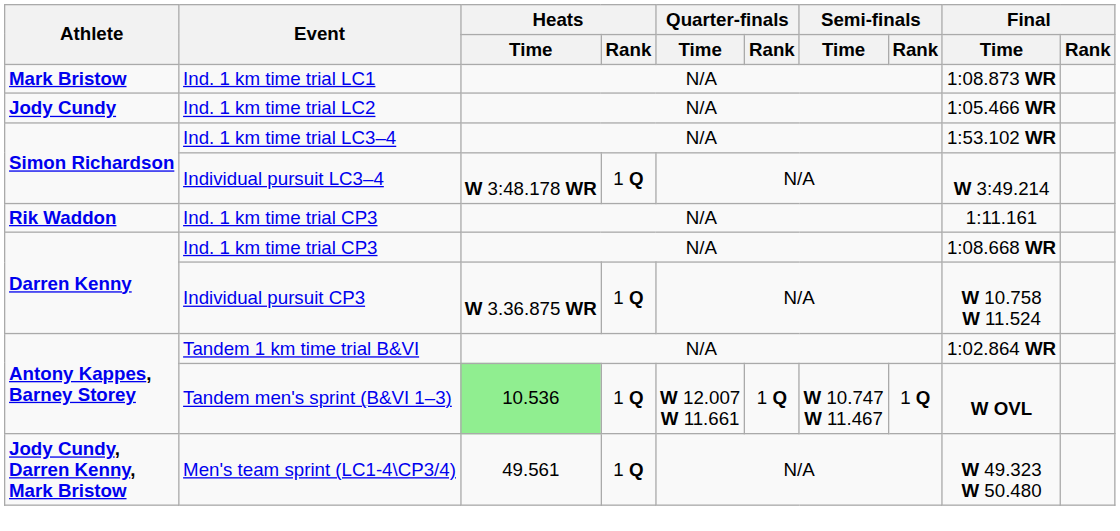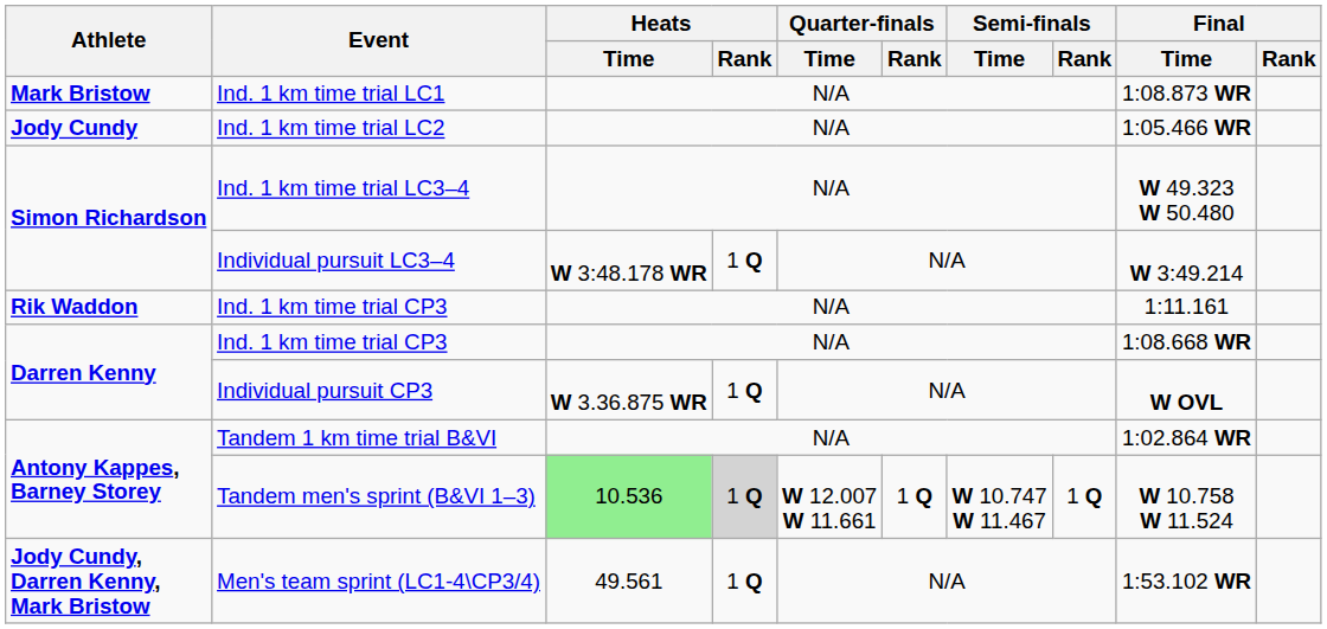 <table class=wikitable style="font-size:90%">
 <tr>
 <th rowspan="2">Athlete</th>
 <th rowspan="2">Event</th>
 <th colspan="2">Heats</th>
 <th colspan="2">Quarter-finals</th>
 <th colspan="2">Semi-finals</th>
 <th colspan="2">Final</th>
 </tr>
 <tr>
 <th>Time</th>
 <th>Rank</th>
 <th>Time</th>
 <th>Rank</th>
 <th>Time</th>
 <th>Rank</th>
 <th>Time</th>
 <th>Rank</th>
 </tr>
 <tr>
 <td><strong><a href='#'>Mark Bristow</a></strong></td>
 <td><a href='#'>Ind. 1 km time trial LC1</a></td>
 <td align="center" colspan="6">N/A</td>
 <td align="center">1:08.873 <strong>WR</strong></td>
 <td align="center"></td>
 </tr>
 <tr>
 <td><strong><a href='#'>Jody Cundy</a></strong></td>
 <td><a href='#'>Ind. 1 km time trial LC2</a></td>
 <td align="center" colspan="6">N/A</td>
 <td align="center">1:05.466 <strong>WR</strong></td>
 <td align="center"></td>
 </tr>
 <tr>
 <td rowspan="2"><strong><a href='#'>Simon Richardson</a></strong></td>
 <td><a href='#'>Ind. 1 km time trial LC3–4</a></td>
 <td align="center" colspan="6">N/A</td>
-<td align="center">1:53.102 <strong>WR</strong></td>
+<td align="center"><br> <strong>W</strong> 49.323<br> <strong>W</strong> 50.480</td>
 <td align="center"></td>
 </tr>
 <tr>
 <td><a href='#'>Individual pursuit LC3–4</a></td>
 <td align="center"><br> <strong>W</strong> 3:48.178 <strong>WR</strong></td>
 <td align="center">1 <strong>Q</strong></td>
 <td align="center" colspan="4">N/A</td>
 <td align="center"><br> <strong>W</strong> 3:49.214</td>
 <td align="center"></td>
 </tr>
 <tr>
 <td><strong><a href='#'>Rik Waddon</a></strong></td>
 <td><a href='#'>Ind. 1 km time trial CP3</a></td>
 <td align="center" colspan="6">N/A</td>
 <td align="center">1:11.161</td>
 <td align="center"></td>
 </tr>
 <tr>
 <td rowspan=2><strong><a href='#'>Darren Kenny</a></strong></td>
 <td><a href='#'>Ind. 1 km time trial CP3</a></td>
 <td align="center" colspan="6">N/A</td>
 <td align="center">1:08.668 <strong>WR</strong></td>
 <td align="center"></td>
 </tr>
 <tr>
 <td><a href='#'>Individual pursuit CP3</a></td>
 <td align="center"><br> <strong>W</strong> 3.36.875 <strong>WR</strong></td>
 <td align="center">1 <strong>Q</strong></td>
 <td align="center" colspan="4">N/A</td>
-<td align="center"><br> <strong>W</strong> 10.758<br> <strong>W</strong> 11.524</td>
+<td align="center"><br> <strong>W</strong> <strong>OVL</strong></td>
 <td align="center"></td>
 </tr>
 <tr>
 <td rowspan="2"><strong><a href='#'>Antony Kappes</a>,<br><a href='#'>Barney Storey</a></strong></td>
 <td><a href='#'>Tandem 1 km time trial B&VI</a></td>
 <td align="center" colspan="6">N/A</td>
 <td align="center">1:02.864 <strong>WR</strong></td>
 <td align="center"></td>
 </tr>
 <tr>
 <td><a href='#'>Tandem men's sprint (B&VI 1–3)</a></td>
 <td align="center" style="background: lightgreen;">10.536</td>
-<td align="center">1 <strong>Q</strong></td>
+<td align="center" style="background: lightgrey;">1 <strong>Q</strong></td>
 <td align="center"><br> <strong>W</strong> 12.007<br> <strong>W</strong> 11.661</td>
 <td align="center">1 <strong>Q</strong></td>
 <td align="center"><br> <strong>W</strong> 10.747<br> <strong>W</strong> 11.467</td>
 <td align="center">1 <strong>Q</strong></td>
-<td align="center"><br> <strong>W</strong> <strong>OVL</strong></td>
+<td align="center"><br> <strong>W</strong> 10.758<br> <strong>W</strong> 11.524</td>
 <td align="center"></td>
 </tr>
 <tr>
 <td><strong><a href='#'>Jody Cundy</a>,<br><a href='#'>Darren Kenny</a>,<br><a href='#'>Mark Bristow</a></strong></td>
 <td><a href='#'>Men's team sprint (LC1-4\CP3/4)</a></td>
 <td align="center">49.561</td>
 <td align="center">1 <strong>Q</strong></td>
 <td align="center" colspan="4">N/A</td>
-<td align="center"><br> <strong>W</strong> 49.323<br> <strong>W</strong> 50.480</td>
+<td align="center">1:53.102 <strong>WR</strong></td>
 <td align="center"></td>
 </tr>
 </table>
